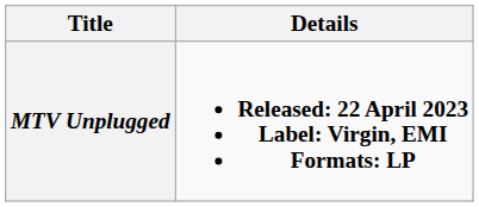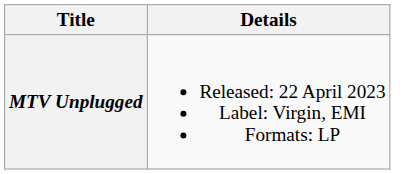 <table class="wikitable plainrowheaders" style="text-align:center;" border="1">
 <tr>
 <th scope="col">Title</th>
 <th scope="col">Details</th>
 </tr>
 <tr>
 <th scope="row"><em>MTV Unplugged</em></th>
-<td><strong><br><ul><li>Released: 22 April 2023</li><li>Label: Virgin, EMI</li><li>Formats: LP</li></ul></strong></td>
+<td><br><ul><li>Released: 22 April 2023</li><li>Label: Virgin, EMI</li><li>Formats: LP</li></ul></td>
 </tr>
 </table>
